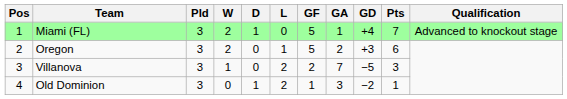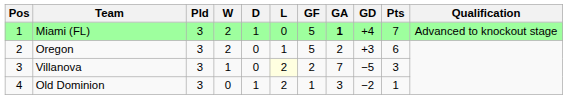 <table class="wikitable" style="text-align:center; margin: 1em auto">
 <tr>
 <th style="width:2em">Pos</th>
 <th style="width:13em">Team</th>
 <th style="width:2em">Pld</th>
 <th style="width:2em">W</th>
 <th style="width:2em">D</th>
 <th style="width:2em">L</th>
 <th style="width:2em">GF</th>
 <th style="width:2em">GA</th>
 <th style="width:2em">GD</th>
 <th style="width:2em">Pts</th>
 <th style="width:13em">Qualification</th>
 </tr>
 <tr bgcolor="#9eff9e">
 <td>1</td>
 <td style="text-align:left">Miami (FL)</td>
 <td>3</td>
 <td>2</td>
 <td>1</td>
 <td>0</td>
 <td>5</td>
-<td>1</td>
+<td><strong>1</strong></td>
 <td>+4</td>
 <td>7</td>
 <td>Advanced to knockout stage</td>
 </tr>
 <tr>
 <td>2</td>
 <td style="text-align:left">Oregon</td>
 <td>3</td>
 <td>2</td>
 <td>0</td>
 <td>1</td>
 <td>5</td>
 <td>2</td>
 <td>+3</td>
 <td>6</td>
 </tr>
 <tr>
 <td>3</td>
 <td style="text-align:left">Villanova</td>
 <td>3</td>
 <td>1</td>
 <td>0</td>
-<td>2</td>
+<td style="background: lightyellow;">2</td>
 <td>2</td>
 <td>7</td>
 <td>−5</td>
 <td>3</td>
 </tr>
 <tr>
 <td>4</td>
 <td style="text-align:left">Old Dominion</td>
 <td>3</td>
 <td>0</td>
 <td>1</td>
 <td>2</td>
 <td>1</td>
 <td>3</td>
 <td>−2</td>
 <td>1</td>
 </tr>
 </table>
